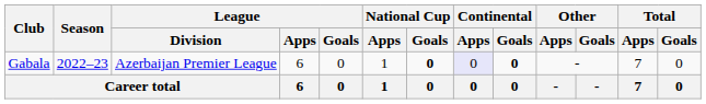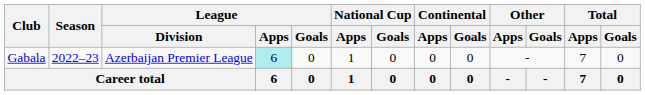 <table class="wikitable" style="text-align: center;">
 <tr>
 <th rowspan="2">Club</th>
 <th rowspan="2">Season</th>
 <th colspan="3">League</th>
 <th colspan="2">National Cup</th>
 <th colspan="2">Continental</th>
 <th colspan="2">Other</th>
 <th colspan="2">Total</th>
 </tr>
 <tr>
 <th>Division</th>
 <th>Apps</th>
 <th>Goals</th>
 <th>Apps</th>
 <th>Goals</th>
 <th>Apps</th>
 <th>Goals</th>
 <th>Apps</th>
 <th>Goals</th>
 <th>Apps</th>
 <th>Goals</th>
 </tr>
 <tr>
 <td rowspan="1" valign="center"><a href='#'>Gabala</a></td>
 <td><a href='#'>2022–23</a></td>
 <td rowspan="1"><a href='#'>Azerbaijan Premier League</a></td>
-<td>6</td>
+<td style="background: paleturquoise;">6</td>
 <td>0</td>
 <td>1</td>
-<td><strong>0</strong></td>
-<td style="background: lavender;">0</td>
-<td><strong>0</strong></td>
+<td>0</td>
+<td>0</td>
+<td>0</td>
 <td colspan="2">-</td>
 <td>7</td>
 <td>0</td>
 </tr>
 <tr>
 <th colspan="3">Career total</th>
 <th>6</th>
 <th>0</th>
 <th>1</th>
 <th>0</th>
 <th>0</th>
 <th>0</th>
 <th>-</th>
 <th>-</th>
 <th>7</th>
 <th>0</th>
 </tr>
 </table>
